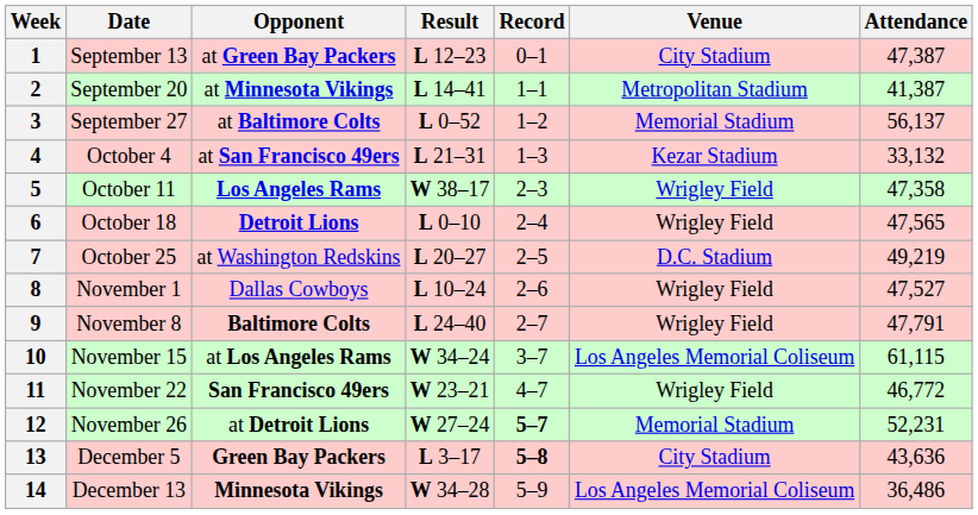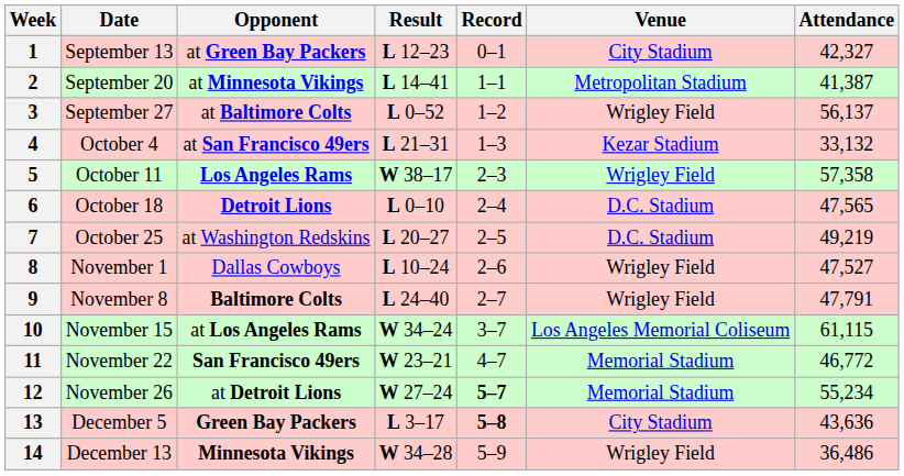 <table class="wikitable" style="text-align:center">
 <tr>
 <th>Week</th>
 <th>Date</th>
 <th>Opponent</th>
 <th>Result</th>
 <th>Record</th>
 <th>Venue</th>
 <th>Attendance</th>
 </tr>
 <tr style="background:#fcc">
 <th>1</th>
 <td>September 13</td>
 <td>at <strong><a href='#'>Green Bay Packers</a></strong></td>
 <td><strong>L</strong> 12–23</td>
 <td>0–1</td>
 <td><a href='#'>City Stadium</a></td>
-<td>47,387</td>
+<td>42,327</td>
 </tr>
 <tr style="background:#cfc">
 <th>2</th>
 <td>September 20</td>
 <td>at <strong><a href='#'>Minnesota Vikings</a></strong></td>
 <td><strong>L</strong> 14–41</td>
 <td>1–1</td>
 <td><a href='#'>Metropolitan Stadium</a></td>
 <td>41,387</td>
 </tr>
 <tr style="background:#fcc">
 <th>3</th>
 <td>September 27</td>
 <td>at <strong><a href='#'>Baltimore Colts</a></strong></td>
 <td><strong>L</strong> 0–52</td>
 <td>1–2</td>
-<td><a href='#'>Memorial Stadium</a></td>
+<td>Wrigley Field</td>
 <td>56,137</td>
 </tr>
 <tr style="background:#fcc">
 <th>4</th>
 <td>October 4</td>
 <td>at <strong><a href='#'>San Francisco 49ers</a></strong></td>
 <td><strong>L</strong> 21–31</td>
 <td>1–3</td>
 <td><a href='#'>Kezar Stadium</a></td>
 <td>33,132</td>
 </tr>
 <tr style="background:#cfc">
 <th>5</th>
 <td>October 11</td>
 <td><strong><a href='#'>Los Angeles Rams</a></strong></td>
 <td><strong>W</strong> 38–17</td>
 <td>2–3</td>
 <td><a href='#'>Wrigley Field</a></td>
-<td>47,358</td>
+<td>57,358</td>
 </tr>
 <tr style="background:#fcc">
 <th>6</th>
 <td>October 18</td>
 <td><strong><a href='#'>Detroit Lions</a></strong></td>
 <td><strong>L</strong> 0–10</td>
 <td>2–4</td>
-<td>Wrigley Field</td>
+<td><a href='#'>D.C. Stadium</a></td>
 <td>47,565</td>
 </tr>
 <tr style="background:#fcc">
 <th>7</th>
 <td>October 25</td>
 <td>at <a href='#'>Washington Redskins</a></td>
 <td><strong>L</strong> 20–27</td>
 <td>2–5</td>
 <td><a href='#'>D.C. Stadium</a></td>
 <td>49,219</td>
 </tr>
 <tr style="background:#fcc">
 <th>8</th>
 <td>November 1</td>
 <td><a href='#'>Dallas Cowboys</a></td>
 <td><strong>L</strong> 10–24</td>
 <td>2–6</td>
 <td>Wrigley Field</td>
 <td>47,527</td>
 </tr>
 <tr style="background:#fcc">
 <th>9</th>
 <td>November 8</td>
 <td><strong>Baltimore Colts</strong></td>
 <td><strong>L</strong> 24–40</td>
 <td>2–7</td>
 <td>Wrigley Field</td>
 <td>47,791</td>
 </tr>
 <tr style="background:#cfc">
 <th>10</th>
 <td>November 15</td>
 <td>at <strong>Los Angeles Rams</strong></td>
 <td><strong>W</strong> 34–24</td>
 <td>3–7</td>
 <td><a href='#'>Los Angeles Memorial Coliseum</a></td>
 <td>61,115</td>
 </tr>
 <tr style="background:#cfc">
 <th>11</th>
 <td>November 22</td>
 <td><strong>San Francisco 49ers</strong></td>
 <td><strong>W</strong> 23–21</td>
 <td>4–7</td>
-<td>Wrigley Field</td>
+<td><a href='#'>Memorial Stadium</a></td>
 <td>46,772</td>
 </tr>
 <tr style="background:#cfc">
 <th>12</th>
 <td>November 26</td>
 <td>at <strong>Detroit Lions</strong></td>
 <td><strong>W</strong> 27–24</td>
 <td><strong>5–7</strong></td>
 <td><a href='#'>Memorial Stadium</a></td>
-<td>52,231</td>
+<td>55,234</td>
 </tr>
 <tr style="background:#fcc">
 <th>13</th>
 <td>December 5</td>
 <td><strong>Green Bay Packers</strong></td>
 <td><strong>L</strong> 3–17</td>
 <td><strong>5–8</strong></td>
 <td><a href='#'>City Stadium</a></td>
 <td>43,636</td>
 </tr>
 <tr style="background:#fcc">
 <th>14</th>
 <td>December 13</td>
 <td><strong>Minnesota Vikings</strong></td>
 <td><strong>W</strong> 34–28</td>
 <td>5–9</td>
-<td><a href='#'>Los Angeles Memorial Coliseum</a></td>
+<td>Wrigley Field</td>
 <td>36,486</td>
 </tr>
 </table>
